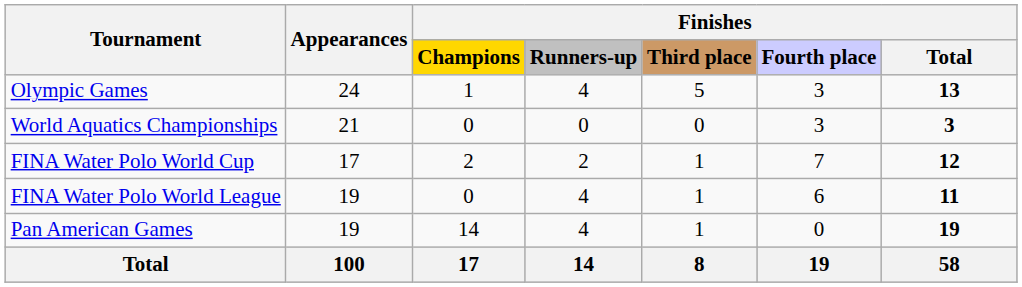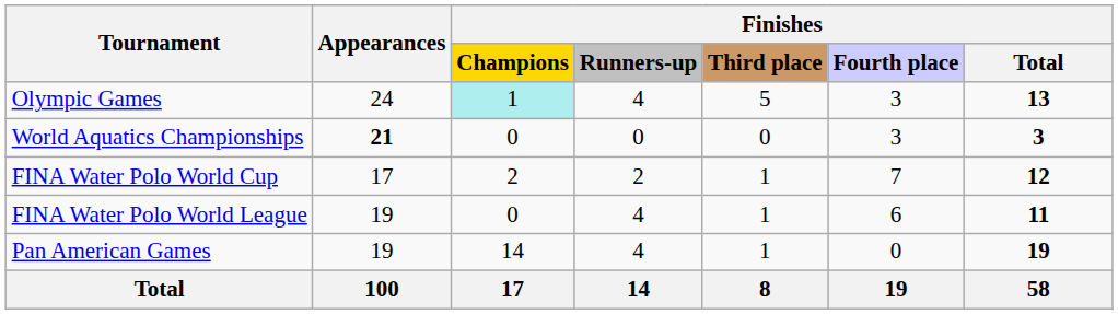 <table class="wikitable" style="text-align: center; font-size: 90%; margin-left: 1em;">
 <tr>
 <th rowspan="2">Tournament</th>
 <th rowspan="2">Appearances</th>
 <th colspan="5">Finishes</th>
 </tr>
 <tr>
 <th style="background-color: gold;">Champions</th>
 <th style="background-color: silver;">Runners-up</th>
 <th style="background-color: #cc9966;">Third place</th>
 <th style="background-color: #ccccff;">Fourth place</th>
 <th style="width: 6em;">Total</th>
 </tr>
 <tr>
 <td style="text-align: left;"><a href='#'>Olympic Games</a></td>
 <td>24</td>
-<td>1</td>
+<td style="background: paleturquoise;">1</td>
 <td>4</td>
 <td>5</td>
 <td>3</td>
 <td><strong>13</strong></td>
 </tr>
 <tr>
 <td style="text-align: left;"><a href='#'>World Aquatics Championships</a></td>
-<td>21</td>
+<td><strong>21</strong></td>
 <td>0</td>
 <td>0</td>
 <td>0</td>
 <td>3</td>
 <td><strong>3</strong></td>
 </tr>
 <tr>
 <td style="text-align: left;"><a href='#'>FINA Water Polo World Cup</a></td>
 <td>17</td>
 <td>2</td>
 <td>2</td>
 <td>1</td>
 <td>7</td>
 <td><strong>12</strong></td>
 </tr>
 <tr>
 <td style="text-align: left;"><a href='#'>FINA Water Polo World League</a></td>
 <td>19</td>
 <td>0</td>
 <td>4</td>
 <td>1</td>
 <td>6</td>
 <td><strong>11</strong></td>
 </tr>
 <tr>
 <td style="text-align: left;"><a href='#'>Pan American Games</a></td>
 <td>19</td>
 <td>14</td>
 <td>4</td>
 <td>1</td>
 <td>0</td>
 <td><strong>19</strong></td>
 </tr>
 <tr>
 <th>Total</th>
 <th>100</th>
 <th>17</th>
 <th>14</th>
 <th>8</th>
 <th>19</th>
 <th>58</th>
 </tr>
 </table>
